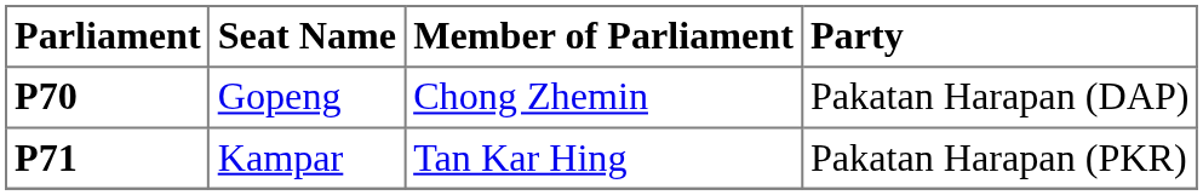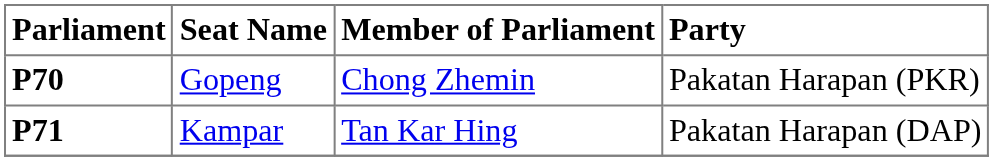 <table class="toccolours sortable" border="1" cellpadding="3" style="border-collapse:collapse; text-align: left;">
 <tr>
 <th align="center">Parliament</th>
 <th>Seat Name</th>
 <th>Member of Parliament</th>
 <th>Party</th>
 </tr>
 <tr>
 <th align="left">P70</th>
 <td><a href='#'>Gopeng</a></td>
 <td><a href='#'>Chong Zhemin</a></td>
-<td>Pakatan Harapan (DAP)</td>
+<td>Pakatan Harapan (PKR)</td>
 </tr>
 <tr>
 <th align="left">P71</th>
 <td><a href='#'>Kampar</a></td>
 <td><a href='#'>Tan Kar Hing</a></td>
-<td>Pakatan Harapan (PKR)</td>
+<td>Pakatan Harapan (DAP)</td>
 </tr>
 <tr>
 </tr>
 </table>
